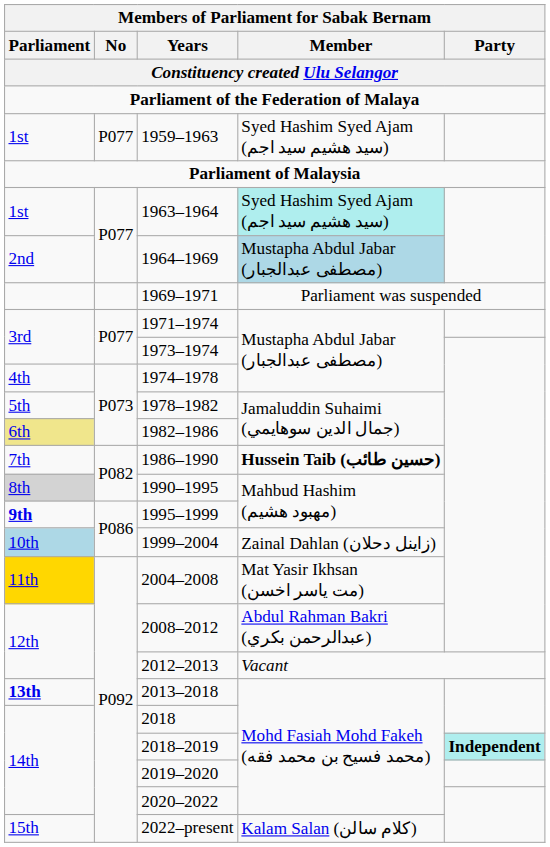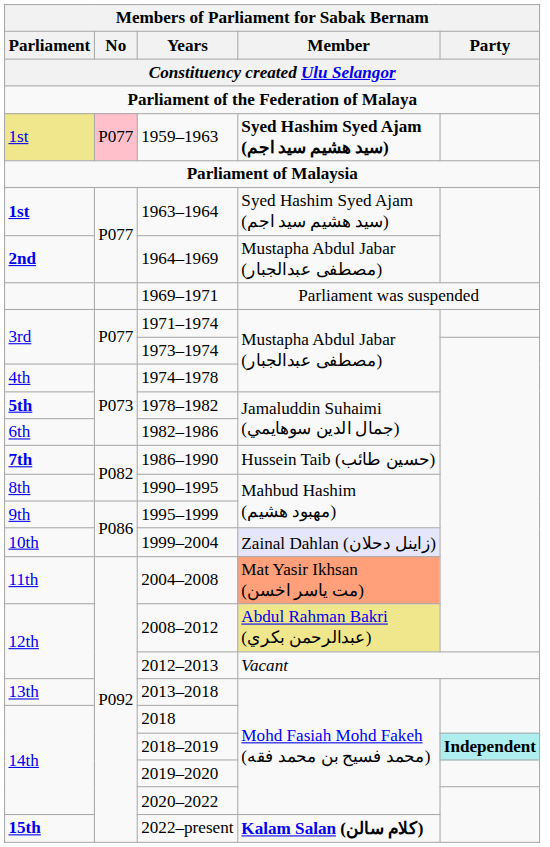 <table class=wikitable>
 <tr>
 <th colspan="5">Members of Parliament for Sabak Bernam</th>
 </tr>
 <tr>
 <th>Parliament</th>
 <th>No</th>
 <th>Years</th>
 <th>Member</th>
 <th>Party</th>
 </tr>
 <tr>
 <th colspan="5" align="center"><em>Constituency created <a href='#'>Ulu Selangor</a></em></th>
 </tr>
 <tr>
 <td colspan="5" align="center"><strong>Parliament of the Federation of Malaya</strong></td>
 </tr>
 <tr>
-<td><a href='#'>1st</a></td>
-<td>P077</td>
+<td style="background: khaki;"><a href='#'>1st</a></td>
+<td style="background: pink;">P077</td>
 <td>1959–1963</td>
-<td>Syed Hashim Syed Ajam <br> (سيد هشيم سيد اجم)</td>
+<td><strong>Syed Hashim Syed Ajam <br> (سيد هشيم سيد اجم)</strong></td>
 <td></td>
 </tr>
 <tr>
 <td colspan="5" align="center"><strong>Parliament of Malaysia</strong></td>
 </tr>
 <tr>
-<td><a href='#'>1st</a></td>
+<td><strong><a href='#'>1st</a></strong></td>
 <td rowspan="2">P077</td>
 <td>1963–1964</td>
-<td style="background: paleturquoise;">Syed Hashim Syed Ajam <br> (سيد هشيم سيد اجم)</td>
+<td>Syed Hashim Syed Ajam <br> (سيد هشيم سيد اجم)</td>
 <td rowspan=2></td>
 </tr>
 <tr>
-<td><a href='#'>2nd</a></td>
+<td><strong><a href='#'>2nd</a></strong></td>
 <td>1964–1969</td>
-<td style="background: lightblue;">Mustapha Abdul Jabar <br> (مصطفى عبدالجبار)</td>
+<td>Mustapha Abdul Jabar <br> (مصطفى عبدالجبار)</td>
 </tr>
 <tr>
 <td></td>
 <td></td>
 <td>1969–1971</td>
 <td colspan=2 align=center>Parliament was suspended</td>
 </tr>
 <tr>
 <td rowspan=2><a href='#'>3rd</a></td>
 <td rowspan="2">P077</td>
 <td>1971–1974</td>
 <td rowspan=3>Mustapha Abdul Jabar <br> (مصطفى عبدالجبار)</td>
 <td></td>
 </tr>
 <tr>
 <td>1973–1974</td>
 <td rowspan=10></td>
 </tr>
 <tr>
 <td><a href='#'>4th</a></td>
 <td rowspan="3">P073</td>
 <td>1974–1978</td>
 </tr>
 <tr>
-<td><a href='#'>5th</a></td>
+<td><strong><a href='#'>5th</a></strong></td>
 <td>1978–1982</td>
 <td rowspan=2>Jamaluddin Suhaimi <br> (جمال الدين سوهايمي)</td>
 </tr>
 <tr>
-<td style="background: khaki;"><a href='#'>6th</a></td>
+<td><a href='#'>6th</a></td>
 <td>1982–1986</td>
 </tr>
 <tr>
-<td><a href='#'>7th</a></td>
+<td><strong><a href='#'>7th</a></strong></td>
 <td rowspan="2">P082</td>
 <td>1986–1990</td>
-<td><strong>Hussein Taib (حسين طائب)</strong></td>
+<td>Hussein Taib (حسين طائب)</td>
 </tr>
 <tr>
-<td style="background: lightgrey;"><a href='#'>8th</a></td>
+<td><a href='#'>8th</a></td>
 <td>1990–1995</td>
 <td rowspan=2>Mahbud Hashim <br> (مهبود هشيم)</td>
 </tr>
 <tr>
-<td><strong><a href='#'>9th</a></strong></td>
+<td><a href='#'>9th</a></td>
 <td rowspan="2">P086</td>
 <td>1995–1999</td>
 </tr>
 <tr>
-<td style="background: lightblue;"><a href='#'>10th</a></td>
+<td><a href='#'>10th</a></td>
 <td>1999–2004</td>
-<td>Zainal Dahlan (زاينل دحلان)</td>
+<td style="background: lavender;">Zainal Dahlan (زاينل دحلان)</td>
 </tr>
 <tr>
-<td style="background: gold;"><a href='#'>11th</a></td>
+<td><a href='#'>11th</a></td>
 <td rowspan="9">P092</td>
 <td>2004–2008</td>
-<td>Mat Yasir Ikhsan <br> (مت ياسر اخسن)</td>
+<td style="background: lightsalmon;">Mat Yasir Ikhsan <br> (مت ياسر اخسن)</td>
 </tr>
 <tr>
 <td rowspan=2><a href='#'>12th</a></td>
 <td>2008–2012</td>
-<td><a href='#'>Abdul Rahman Bakri</a>  <br>(عبدالرحمن بکري)</td>
+<td style="background: khaki;"><a href='#'>Abdul Rahman Bakri</a>  <br>(عبدالرحمن بکري)</td>
 </tr>
 <tr>
 <td>2012–2013</td>
 <td colspan="2"><em>Vacant</em></td>
 </tr>
 <tr>
-<td><strong><a href='#'>13th</a></strong></td>
+<td><a href='#'>13th</a></td>
 <td>2013–2018</td>
 <td rowspan="5"><a href='#'>Mohd Fasiah Mohd Fakeh</a> <br> (محمد فسيح بن محمد فقه)</td>
 <td rowspan="2"></td>
 </tr>
 <tr>
 <td rowspan="4"><a href='#'>14th</a></td>
 <td>2018</td>
 </tr>
 <tr>
 <td>2018–2019</td>
 <td style="background: paleturquoise;"><strong>Independent</strong></td>
 </tr>
 <tr>
 <td>2019–2020</td>
 <td></td>
 </tr>
 <tr>
 <td>2020–2022</td>
 <td rowspan="2"></td>
 </tr>
 <tr>
-<td><a href='#'>15th</a></td>
+<td><strong><a href='#'>15th</a></strong></td>
 <td>2022–present</td>
-<td><a href='#'>Kalam Salan</a> (كلام سالن)</td>
+<td><strong><a href='#'>Kalam Salan</a> (كلام سالن)</strong></td>
 </tr>
 </table>
